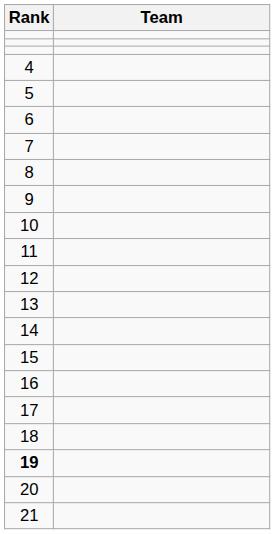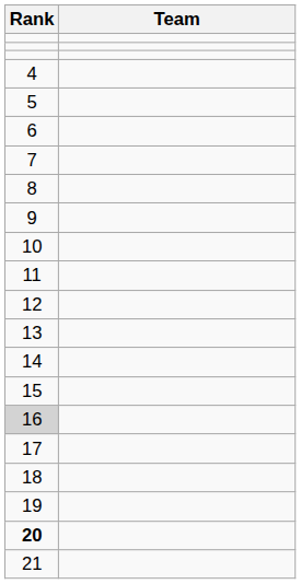 <table class="wikitable" style="text-align:center">
 <tr>
 <th width=40>Rank</th>
 <th width=200>Team</th>
 </tr>
 <tr>
 <td></td>
 <td style="text-align:left"></td>
 </tr>
 <tr>
 <td></td>
 <td style="text-align:left"></td>
 </tr>
 <tr>
 <td></td>
 <td style="text-align:left"></td>
 </tr>
 <tr>
 <td>4</td>
 <td style="text-align:left"></td>
 </tr>
 <tr>
 <td>5</td>
 <td style="text-align:left"></td>
 </tr>
 <tr>
 <td>6</td>
 <td style="text-align:left"></td>
 </tr>
 <tr>
 <td>7</td>
 <td style="text-align:left"></td>
 </tr>
 <tr>
 <td>8</td>
 <td style="text-align:left"></td>
 </tr>
 <tr>
 <td>9</td>
 <td style="text-align:left"></td>
 </tr>
 <tr>
 <td>10</td>
 <td style="text-align:left"></td>
 </tr>
 <tr>
 <td>11</td>
 <td style="text-align:left"></td>
 </tr>
 <tr>
 <td>12</td>
 <td style="text-align:left"></td>
 </tr>
 <tr>
 <td>13</td>
 <td style="text-align:left"></td>
 </tr>
 <tr>
 <td>14</td>
 <td style="text-align:left"></td>
 </tr>
 <tr>
 <td>15</td>
 <td style="text-align:left"></td>
 </tr>
 <tr>
-<td>16</td>
+<td style="background: lightgrey;">16</td>
 <td style="text-align:left"></td>
 </tr>
 <tr>
 <td>17</td>
 <td style="text-align:left"></td>
 </tr>
 <tr>
 <td>18</td>
 <td style="text-align:left"></td>
 </tr>
 <tr>
-<td><strong>19</strong></td>
+<td>19</td>
 <td style="text-align:left"></td>
 </tr>
 <tr>
-<td>20</td>
+<td><strong>20</strong></td>
 <td style="text-align:left"></td>
 </tr>
 <tr>
 <td>21</td>
 <td style="text-align:left"></td>
 </tr>
 </table>
